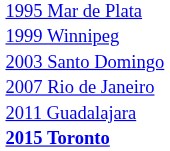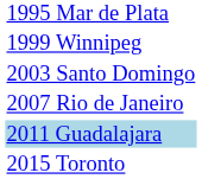 <table>
 <tr>
 <td><a href='#'>1995 Mar de Plata</a></td>
 <td></td>
 <td></td>
 <td></td>
 </tr>
 <tr>
 <td><a href='#'>1999 Winnipeg</a></td>
 <td></td>
 <td></td>
 <td></td>
 </tr>
 <tr>
 <td><a href='#'>2003 Santo Domingo</a><br></td>
 <td></td>
 <td></td>
 <td></td>
 </tr>
 <tr>
 <td><a href='#'>2007 Rio de Janeiro</a></td>
 <td></td>
 <td></td>
 <td></td>
 </tr>
 <tr>
-<td><a href='#'>2011 Guadalajara</a><br></td>
+<td style="background: lightblue;"><a href='#'>2011 Guadalajara</a><br></td>
 <td></td>
 <td></td>
 <td></td>
 </tr>
 <tr>
-<td><strong><a href='#'>2015 Toronto</a><br></strong></td>
+<td><a href='#'>2015 Toronto</a><br></td>
 <td></td>
 <td></td>
 <td></td>
 </tr>
 </table>
